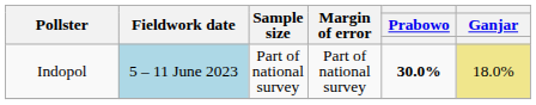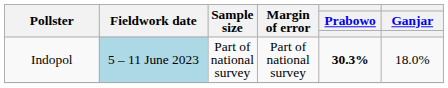 <table class="wikitable" style="text-align:center; font-size:90%; line-height:14px;">
 <tr bgcolor=lightgray>
 <th style="width:95px;" rowspan="3">Pollster</th>
 <th style="width:110px;" rowspan="3">Fieldwork date</th>
 <th style="width:35px;" rowspan="3">Sample size</th>
 <th rowspan="3" style="width:60px;">Margin of error</th>
 <th style="width:60px;"></th>
 <th style="width:60px;"></th>
 </tr>
 <tr>
 <th><a href='#'>Prabowo</a> <br></th>
 <th><a href='#'>Ganjar</a> <br></th>
 </tr>
 <tr>
 <th class="unsortable" style="color:inherit;background:"></th>
 <th class="unsortable" style="color:inherit;background:"></th>
 </tr>
 <tr>
 <td>Indopol</td>
 <td style="background: lightblue;">5 – 11 June 2023</td>
 <td>Part of national survey</td>
 <td>Part of national survey</td>
-<td style="background-color:#"><strong>30.0%</strong></td>
-<td style="background: khaki;">18.0%</td>
+<td style="background-color:#"><strong>30.3%</strong></td>
+<td>18.0%</td>
 </tr>
 <tr>
 </tr>
 </table>
